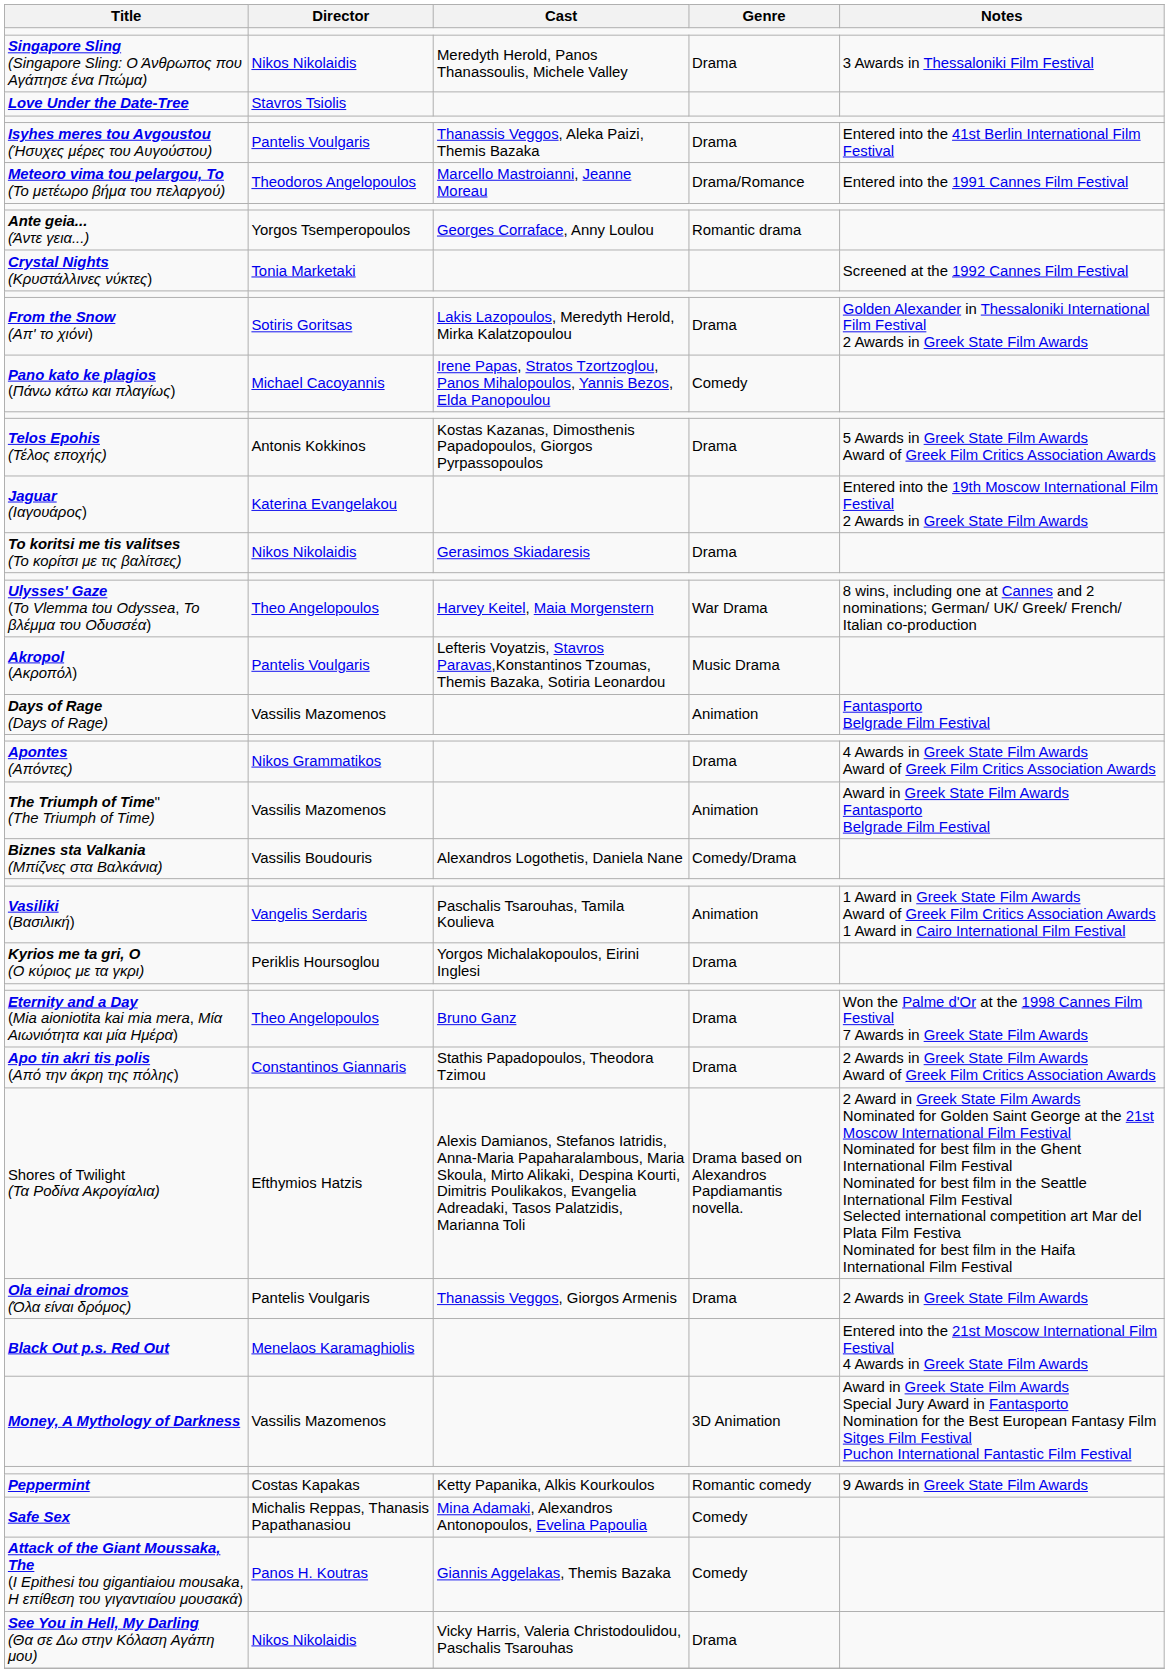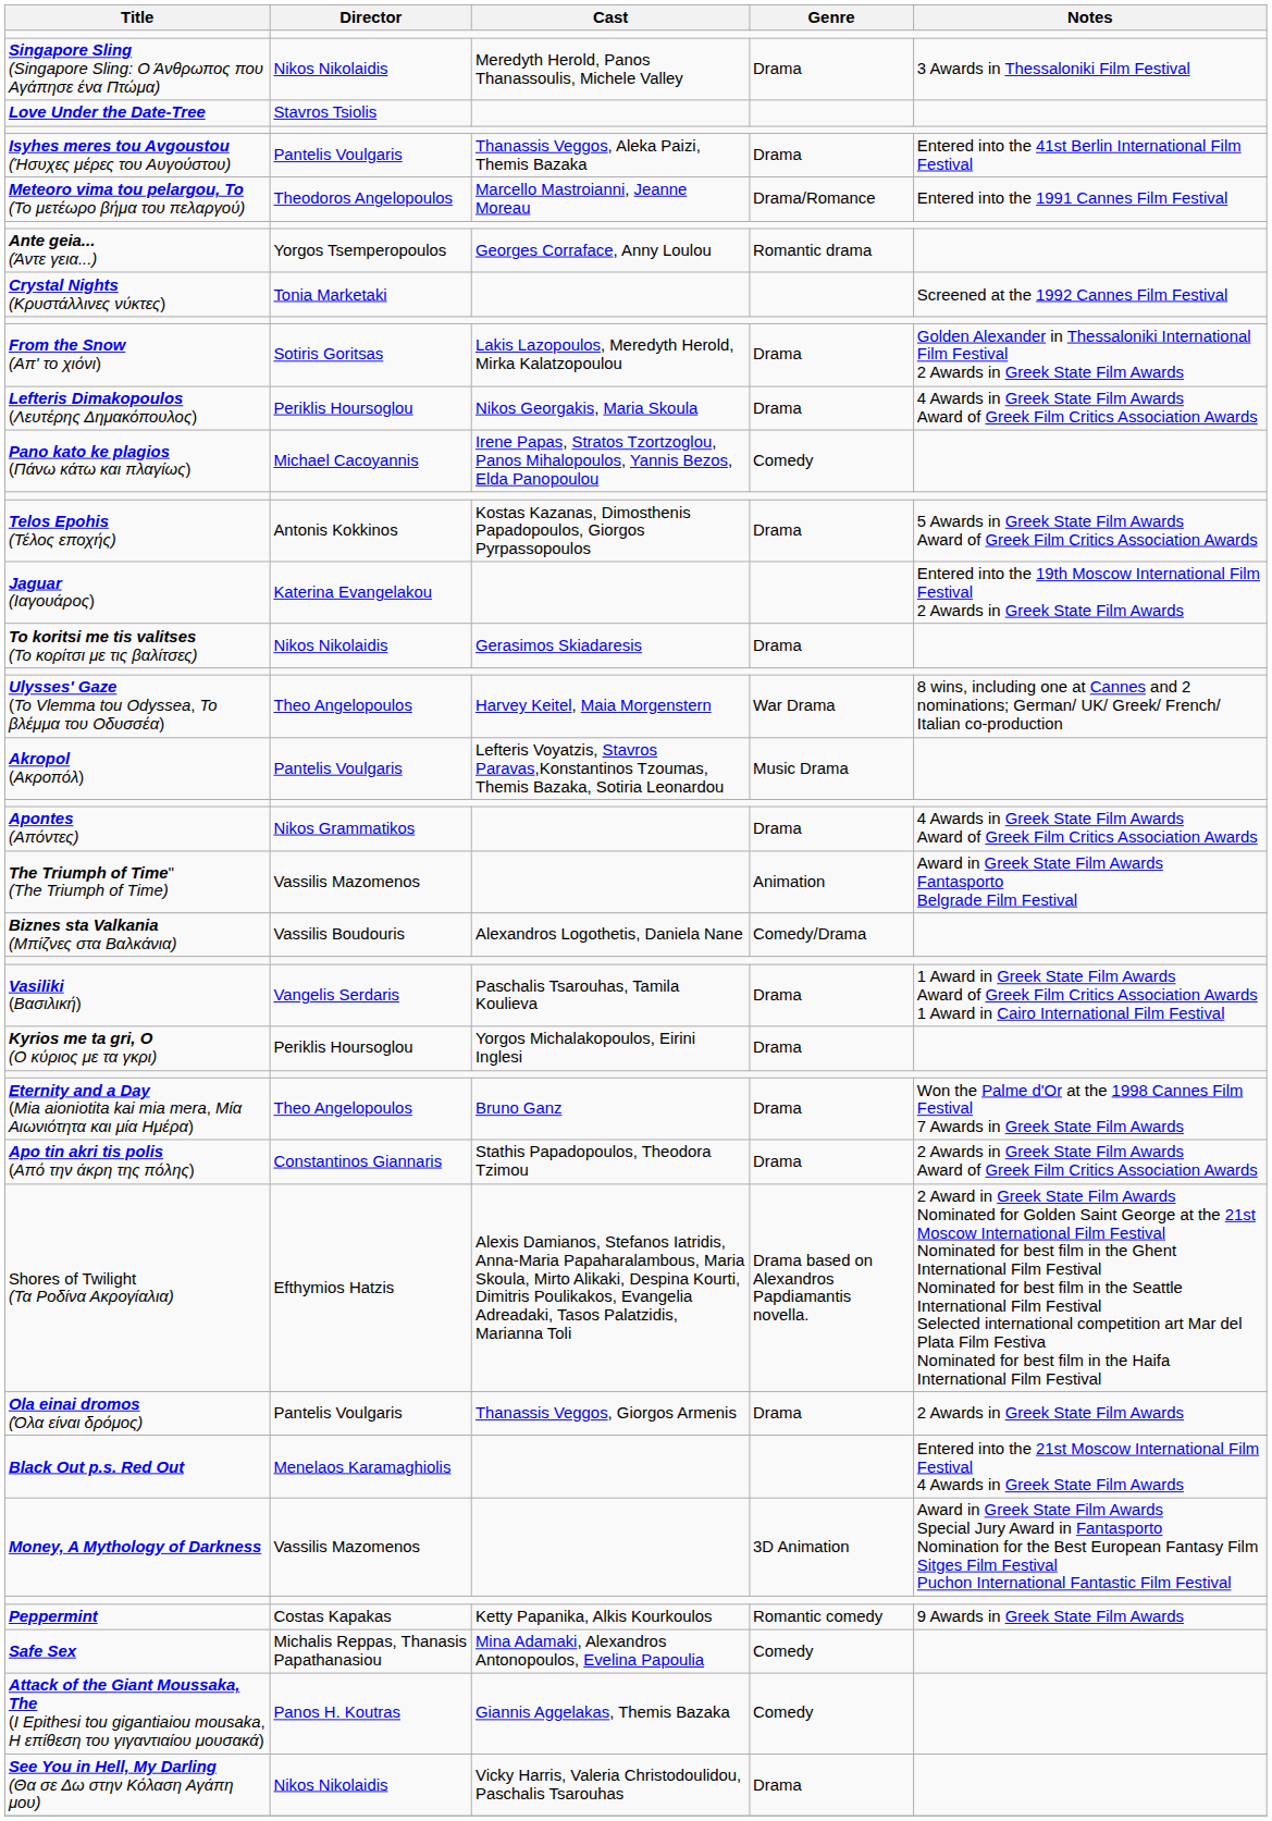 <table class="wikitable">
 <tr>
 <th width=21%>Title</th>
 <th width=16%>Director</th>
 <th width=22%>Cast</th>
 <th width=13%>Genre</th>
 <th width=28%>Notes</th>
 </tr>
 <tr>
 <td></td>
 </tr>
 <tr>
 <td><strong><em><a href='#'>Singapore Sling</a></em></strong><br><em>(Singapore Sling: Ο Άνθρωπος που Αγάπησε ένα Πτώμα)</em></td>
 <td><a href='#'>Nikos Nikolaidis</a></td>
 <td>Meredyth Herold, Panos Thanassoulis, Michele Valley</td>
 <td>Drama</td>
 <td>3 Awards in <a href='#'>Thessaloniki Film Festival</a></td>
 </tr>
 <tr>
 <td><strong><em><a href='#'>Love Under the Date-Tree</a></em></strong></td>
 <td><a href='#'>Stavros Tsiolis</a></td>
 <td></td>
 <td></td>
 <td></td>
 </tr>
 <tr>
 <td></td>
 </tr>
 <tr>
 <td><strong><em><a href='#'>Isyhes meres tou Avgoustou</a></em></strong><br><em>(Ήσυχες μέρες του Αυγούστου)</em></td>
 <td><a href='#'>Pantelis Voulgaris</a></td>
 <td><a href='#'>Thanassis Veggos</a>, Aleka Paizi, Themis Bazaka</td>
 <td>Drama</td>
 <td>Entered into the <a href='#'>41st Berlin International Film Festival</a></td>
 </tr>
 <tr>
 <td><strong><em><a href='#'>Meteoro vima tou pelargou, To</a></em></strong><br><em>(Το μετέωρο βήμα του πελαργού)</em></td>
 <td><a href='#'>Theodoros Angelopoulos</a></td>
 <td><a href='#'>Marcello Mastroianni</a>, <a href='#'>Jeanne Moreau</a></td>
 <td>Drama/Romance</td>
 <td>Entered into the <a href='#'>1991 Cannes Film Festival</a></td>
 </tr>
 <tr>
 <td></td>
 </tr>
 <tr>
 <td><strong><em>Ante geia...</em></strong><br><em>(Άντε γεια...)</em></td>
 <td>Yorgos Tsemperopoulos</td>
 <td><a href='#'>Georges Corraface</a>, Anny Loulou</td>
 <td>Romantic drama</td>
 <td></td>
 </tr>
 <tr>
 <td><strong><em><a href='#'>Crystal Nights</a></em></strong><br><em>(Κρυστάλλινες νύκτες</em>)</td>
 <td><a href='#'>Tonia Marketaki</a></td>
 <td></td>
 <td></td>
 <td>Screened at the <a href='#'>1992 Cannes Film Festival</a></td>
 </tr>
 <tr>
 <td></td>
 </tr>
 <tr>
 <td><strong><em><a href='#'>From the Snow</a></em></strong><br><em>(Απ' το χιόνι</em>)</td>
 <td><a href='#'>Sotiris Goritsas</a></td>
 <td><a href='#'>Lakis Lazopoulos</a>, Meredyth Herold, Mirka Kalatzopoulou</td>
 <td>Drama</td>
 <td><a href='#'>Golden Alexander</a> in <a href='#'>Thessaloniki International Film Festival</a><br> 2 Awards in <a href='#'>Greek State Film Awards</a></td>
 </tr>
 <tr>
+<td><strong><em><a href='#'>Lefteris Dimakopoulos</a></em></strong><br>(<em>Λευτέρης Δημακόπουλος</em>)</td>
+<td><a href='#'>Periklis Hoursoglou</a></td>
+<td><a href='#'>Nikos Georgakis</a>, <a href='#'>Maria Skoula</a></td>
+<td>Drama</td>
+<td>4 Awards in <a href='#'>Greek State Film Awards</a><br>Award of <a href='#'>Greek Film Critics Association Awards</a></td>
+</tr>
+<tr>
 <td><strong><em><a href='#'>Pano kato ke plagios</a></em></strong><br>(<em>Πάνω κάτω και πλαγίως</em>)</td>
 <td><a href='#'>Michael Cacoyannis</a></td>
 <td><a href='#'>Irene Papas</a>, <a href='#'>Stratos Tzortzoglou</a>, <a href='#'>Panos Mihalopoulos</a>, <a href='#'>Yannis Bezos</a>, <a href='#'>Elda Panopoulou</a></td>
 <td>Comedy</td>
 <td></td>
 </tr>
 <tr>
 <td></td>
 </tr>
 <tr>
 <td><strong><em><a href='#'>Telos Epohis</a></em></strong><br><em>(Τέλος εποχής)</em></td>
 <td>Antonis Kokkinos</td>
 <td>Kostas Kazanas, Dimosthenis Papadopoulos, Giorgos Pyrpassopoulos</td>
 <td>Drama</td>
 <td>5 Awards in <a href='#'>Greek State Film Awards</a><br>Award of <a href='#'>Greek Film Critics Association Awards</a></td>
 </tr>
 <tr>
 <td><strong><em><a href='#'>Jaguar</a></em></strong><br><em>(Ιαγουάρος</em>)</td>
 <td><a href='#'>Katerina Evangelakou</a></td>
 <td></td>
 <td></td>
 <td>Entered into the <a href='#'>19th Moscow International Film Festival</a><br>2 Awards in <a href='#'>Greek State Film Awards</a></td>
 </tr>
 <tr>
 <td><strong><em>To koritsi me tis valitses</em></strong><br><em>(Το κορίτσι με τις βαλίτσες)</em></td>
 <td><a href='#'>Nikos Nikolaidis</a></td>
 <td><a href='#'>Gerasimos Skiadaresis</a></td>
 <td>Drama</td>
 <td></td>
 </tr>
 <tr>
 <td></td>
 </tr>
 <tr>
 <td><strong><em><a href='#'>Ulysses' Gaze</a></em></strong><br>(<em>To Vlemma tou Odyssea</em>, <em>Το βλέμμα του Οδυσσέα</em>)</td>
 <td><a href='#'>Theo Angelopoulos</a></td>
 <td><a href='#'>Harvey Keitel</a>, <a href='#'>Maia Morgenstern</a></td>
 <td>War Drama</td>
 <td>8 wins, including one at <a href='#'>Cannes</a> and 2 nominations; German/ UK/ Greek/ French/ Italian co-production</td>
 </tr>
 <tr>
 <td><strong><em><a href='#'>Akropol</a></em></strong><br>(<em>Ακροπόλ</em>)</td>
 <td><a href='#'>Pantelis Voulgaris</a></td>
 <td>Lefteris Voyatzis, <a href='#'>Stavros Paravas</a>,Konstantinos Tzoumas, Themis Bazaka, Sotiria Leonardou</td>
 <td>Music Drama</td>
 <td></td>
 </tr>
 <tr>
-<td><strong><em>Days of Rage</em></strong><br><em>(Days of Rage)</em></td>
-<td>Vassilis Mazomenos</td>
-<td></td>
-<td>Animation</td>
-<td><a href='#'>Fantasporto</a><br><a href='#'>Belgrade Film Festival</a></td>
-</tr>
-<tr>
 <td></td>
 </tr>
 <tr>
 <td><strong><em><a href='#'>Apontes</a></em></strong><br><em>(Απόντες)</em></td>
 <td><a href='#'>Nikos Grammatikos</a></td>
 <td></td>
 <td>Drama</td>
 <td>4 Awards in <a href='#'>Greek State Film Awards</a><br>Award of <a href='#'>Greek Film Critics Association Awards</a></td>
 </tr>
 <tr>
 <td><strong><em>The Triumph of Time</em></strong>''<br><em>(The Triumph of Time)</em></td>
 <td>Vassilis Mazomenos</td>
 <td></td>
 <td>Animation</td>
 <td>Award in <a href='#'>Greek State Film Awards</a><br><a href='#'>Fantasporto</a><br><a href='#'>Belgrade Film Festival</a></td>
 </tr>
 <tr>
 <td><strong><em>Biznes sta Valkania</em></strong><br><em>(Μπίζνες στα Βαλκάνια)</em></td>
 <td>Vassilis Boudouris</td>
 <td>Alexandros Logothetis, Daniela Nane</td>
 <td>Comedy/Drama</td>
 <td></td>
 </tr>
 <tr>
 <td></td>
 </tr>
 <tr>
 <td><strong><em><a href='#'>Vasiliki</a></em></strong><br>(<em>Βασιλική</em>)</td>
 <td><a href='#'>Vangelis Serdaris</a></td>
 <td>Paschalis Tsarouhas, Tamila Koulieva</td>
-<td>Animation</td>
+<td>Drama</td>
 <td>1 Award in <a href='#'>Greek State Film Awards</a><br>Award of <a href='#'>Greek Film Critics Association Awards</a><br>1 Award in <a href='#'>Cairo International Film Festival</a></td>
 </tr>
 <tr>
 <td><strong><em>Kyrios me ta gri, O</em></strong><br><em>(Ο κύριος με τα γκρι)</em></td>
 <td>Periklis Hoursoglou</td>
 <td>Yorgos Michalakopoulos, Eirini Inglesi</td>
 <td>Drama</td>
 <td></td>
 </tr>
 <tr>
 <td></td>
 </tr>
 <tr>
 <td><strong><em><a href='#'>Eternity and a Day</a></em></strong><br>(<em>Mia aioniotita kai mia mera</em>, <em>Μία Αιωνιότητα και μία Ημέρα</em>)</td>
 <td><a href='#'>Theo Angelopoulos</a></td>
 <td><a href='#'>Bruno Ganz</a></td>
 <td>Drama</td>
 <td>Won the <a href='#'>Palme d'Or</a> at the <a href='#'>1998 Cannes Film Festival</a><br> 7 Awards in <a href='#'>Greek State Film Awards</a></td>
 </tr>
 <tr>
 <td><strong><em><a href='#'>Apo tin akri tis polis</a></em></strong><br>(<em>Από την άκρη της πόλης</em>)</td>
 <td><a href='#'>Constantinos Giannaris</a></td>
 <td>Stathis Papadopoulos, Theodora Tzimou</td>
 <td>Drama</td>
 <td>2 Awards in <a href='#'>Greek State Film Awards</a><br>Award of <a href='#'>Greek Film Critics Association Awards</a></td>
 </tr>
 <tr>
 <td>Shores of Twilight<br><em>(Τα Ροδίνα Ακρογίαλια)</em></td>
 <td>Efthymios Hatzis</td>
 <td>Alexis Damianos, Stefanos Iatridis, Anna-Maria Papaharalambous, Maria Skoula,  Mirto Alikaki, Despina Kourti, Dimitris Poulikakos, Evangelia Adreadaki, Tasos Palatzidis, Marianna Toli</td>
 <td>Drama based on Alexandros Papdiamantis novella.</td>
 <td>2 Award in <a href='#'>Greek State Film Awards</a><br>Nominated for Golden Saint George at the <a href='#'>21st Moscow International Film Festival</a><br>Nominated for best film in the Ghent International Film Festival<br>Nominated for best film in the Seattle International Film Festival<br>Selected international competition art Mar del Plata Film Festiva<br>Nominated for best film in the Haifa International Film Festival <br></td>
 </tr>
 <tr>
 <td><strong><em><a href='#'>Ola einai dromos</a></em></strong><br><em>(Όλα είναι δρόμος)</em></td>
 <td>Pantelis Voulgaris</td>
 <td><a href='#'>Thanassis Veggos</a>, Giorgos Armenis</td>
 <td>Drama</td>
 <td>2 Awards in <a href='#'>Greek State Film Awards</a></td>
 </tr>
 <tr>
 <td><strong><em><a href='#'>Black Out p.s. Red Out</a></em></strong></td>
 <td><a href='#'>Menelaos Karamaghiolis</a></td>
 <td></td>
 <td></td>
 <td>Entered into the <a href='#'>21st Moscow International Film Festival</a><br>4 Awards in <a href='#'>Greek State Film Awards</a></td>
 </tr>
 <tr>
 <td><strong><em><a href='#'>Money, A Mythology of Darkness</a></em></strong></td>
 <td>Vassilis Mazomenos</td>
 <td></td>
 <td>3D Animation</td>
 <td>Award in <a href='#'>Greek State Film Awards</a><br>Special Jury Award in <a href='#'>Fantasporto</a><br>Nomination for the Best European Fantasy Film<br> <a href='#'>Sitges Film Festival</a><br><a href='#'>Puchon International Fantastic Film Festival</a></td>
 </tr>
 <tr>
 <td></td>
 </tr>
 <tr>
 <td><strong><em><a href='#'>Peppermint</a></em></strong></td>
 <td>Costas Kapakas</td>
 <td>Ketty Papanika, Alkis Kourkoulos</td>
 <td>Romantic comedy</td>
 <td>9 Awards in <a href='#'>Greek State Film Awards</a></td>
 </tr>
 <tr>
 <td><strong><em><a href='#'>Safe Sex</a></em></strong></td>
 <td>Michalis Reppas, Thanasis Papathanasiou</td>
 <td><a href='#'>Mina Adamaki</a>, Alexandros Antonopoulos, <a href='#'>Evelina Papoulia</a></td>
 <td>Comedy</td>
 <td></td>
 </tr>
 <tr>
 <td><strong><em><a href='#'>Attack of the Giant Moussaka, The</a></em></strong><br>(<em>I Epithesi tou gigantiaiou mousaka</em>, <em>Η επίθεση του γιγαντιαίου μουσακά</em>)</td>
 <td><a href='#'>Panos H. Koutras</a></td>
 <td><a href='#'>Giannis Aggelakas</a>, Themis Bazaka</td>
 <td>Comedy</td>
 <td></td>
 </tr>
 <tr>
 <td><strong><em><a href='#'>See You in Hell, My Darling</a></em></strong><br><em>(Θα σε Δω στην Κόλαση Αγάπη μου)</em></td>
 <td><a href='#'>Nikos Nikolaidis</a></td>
 <td>Vicky Harris, Valeria Christodoulidou, Paschalis Tsarouhas</td>
 <td>Drama</td>
 <td></td>
 </tr>
 <tr>
 </tr>
 </table>
